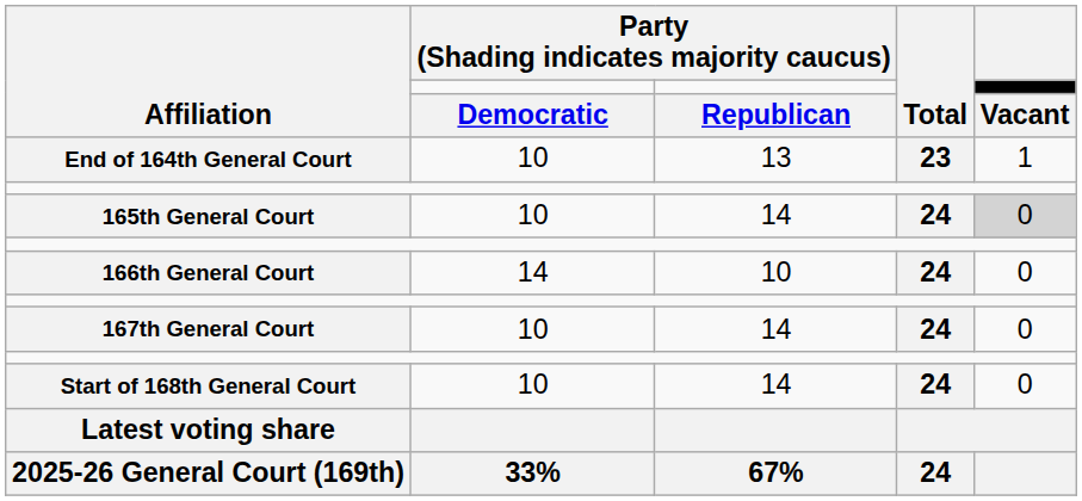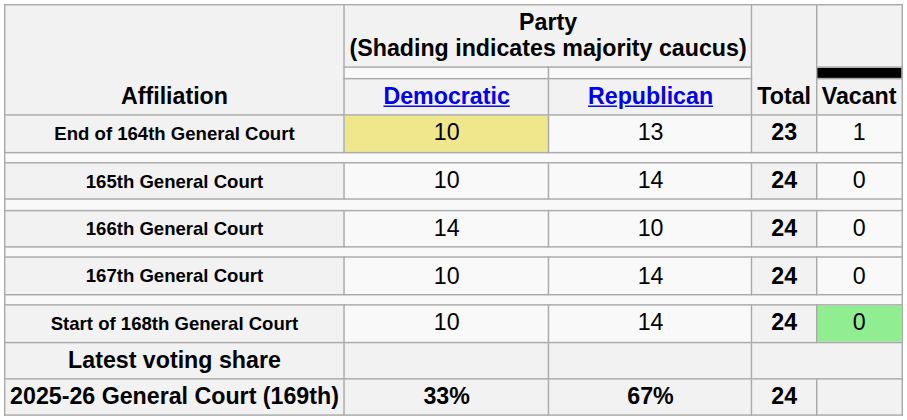 <table class=wikitable style="text-align:center">
 <tr style="vertical-align:bottom;">
 <th rowspan=3>Affiliation</th>
 <th colspan=2>Party <div>(Shading indicates majority caucus)</div></th>
 <th rowspan=3>Total</th>
 <th></th>
 </tr>
 <tr style="height:5px">
 <td style="background-color:"></td>
 <td style="background-color:"></td>
 <td style="background: black"></td>
 </tr>
 <tr>
 <th><a href='#'>Democratic</a></th>
 <th><a href='#'>Republican</a></th>
 <th>Vacant</th>
 </tr>
 <tr>
 <th nowrap style="font-size:80%">End of 164th General Court</th>
-<td>10</td>
+<td style="background: khaki;">10</td>
 <td>13</td>
 <th>23</th>
 <td>1</td>
 </tr>
 <tr>
 <td colspan=5></td>
 </tr>
 <tr>
 <th nowrap style="font-size:80%">165th General Court</th>
 <td>10</td>
 <td>14</td>
 <th>24</th>
-<td style="background: lightgrey;">0</td>
+<td>0</td>
 </tr>
 <tr>
 <td colspan=5></td>
 </tr>
 <tr>
 <th nowrap style="font-size:80%">166th General Court</th>
 <td>14</td>
 <td>10</td>
 <th>24</th>
 <td>0</td>
 </tr>
 <tr>
 <td colspan=5></td>
 </tr>
 <tr>
 <th nowrap style="font-size:80%">167th General Court</th>
 <td>10</td>
 <td>14</td>
 <th>24</th>
 <td>0</td>
 </tr>
 <tr>
 <td colspan=5></td>
 </tr>
 <tr>
 <th nowrap style="font-size:80%">Start of 168th General Court</th>
 <td>10</td>
 <td>14</td>
 <th>24</th>
-<td>0</td>
+<td style="background: lightgreen;">0</td>
 </tr>
 <tr>
 <th>Latest voting share</th>
 <th></th>
 <th></th>
 <th colspan=2></th>
 </tr>
 <tr>
 <th>2025-26 General Court (169th)</th>
 <th>33%</th>
 <th>67%</th>
 <th>24</th>
 <th></th>
 </tr>
 </table>
